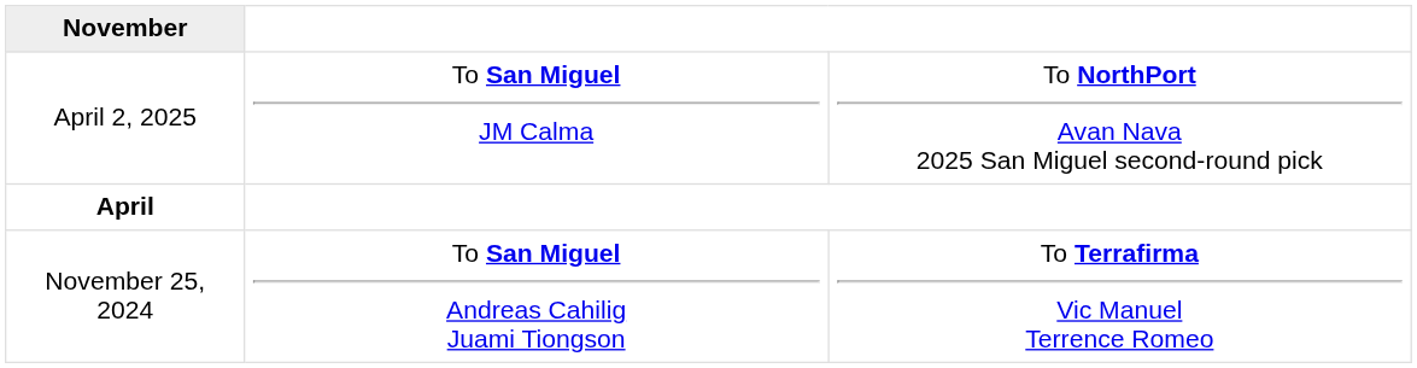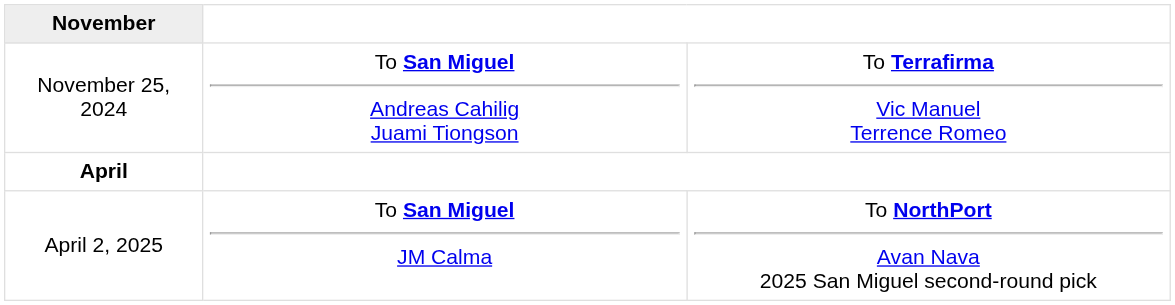 <table border=1 style="border-collapse:collapse; text-align: center; width: 100%" bordercolor="#DFDFDF"  cellpadding="5">
 <tr bgcolor="eeeeee">
 <th>November</th>
+</tr>
+<tr>
+<td style="width:12%">November 25, 2024</td>
+<td style="width:29.3%" valign="top">To <strong><a href='#'>San Miguel</a></strong><hr><a href='#'>Andreas Cahilig</a><br><a href='#'>Juami Tiongson</a></td>
+<td style="width:29.3%" valign="top">To <strong><a href='#'>Terrafirma</a></strong><hr><a href='#'>Vic Manuel</a><br><a href='#'>Terrence Romeo</a></td>
+</tr>
+<tr>
+<th>April</th>
 </tr>
 <tr>
 <td style="width:12%">April 2, 2025</td>
 <td style="width:29.3%" valign="top">To <strong><a href='#'>San Miguel</a></strong><hr><a href='#'>JM Calma</a></td>
 <td style="width:29.3%" valign="top">To <strong><a href='#'>NorthPort</a></strong><hr><a href='#'>Avan Nava</a><br>2025 San Miguel second-round pick</td>
 </tr>
-<tr>
-<th>April</th>
-</tr>
-<tr>
-<td style="width:12%">November 25, 2024</td>
-<td style="width:29.3%" valign="top">To <strong><a href='#'>San Miguel</a></strong><hr><a href='#'>Andreas Cahilig</a><br><a href='#'>Juami Tiongson</a></td>
-<td style="width:29.3%" valign="top">To <strong><a href='#'>Terrafirma</a></strong><hr><a href='#'>Vic Manuel</a><br><a href='#'>Terrence Romeo</a></td>
-</tr>
 </table>
